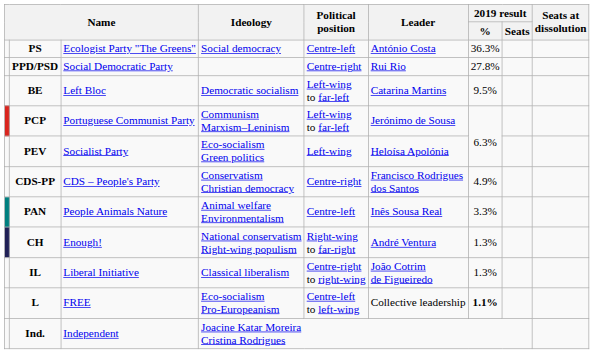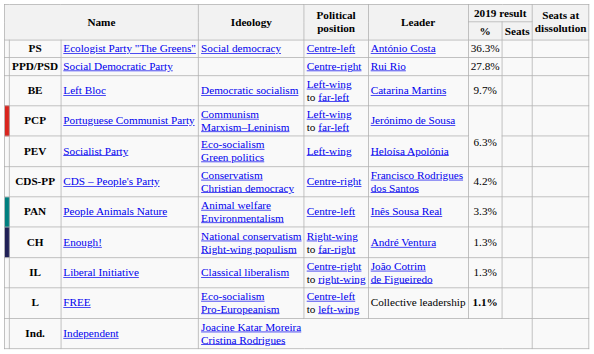 <table class="wikitable">
 <tr>
 <th rowspan="2" colspan="3">Name</th>
 <th rowspan="2">Ideology</th>
 <th rowspan="2">Political<br>position</th>
 <th rowspan="2">Leader</th>
 <th colspan="2">2019 result</th>
 <th rowspan="2">Seats at<br>dissolution</th>
 </tr>
 <tr>
 <th>%</th>
 <th>Seats</th>
 </tr>
 <tr>
 <td style="background:"></td>
 <td style="text-align:center;"><strong>PS</strong></td>
 <td><a href='#'>Ecologist Party "The Greens"</a><br></td>
 <td><a href='#'>Social democracy</a></td>
 <td><a href='#'>Centre-left</a></td>
 <td><a href='#'>António Costa</a></td>
 <td style="text-align:center;">36.3%</td>
 <td></td>
 <td></td>
 </tr>
 <tr>
 <td style="background:"></td>
 <td style="text-align:center;"><strong>PPD/PSD</strong></td>
 <td><a href='#'>Social Democratic Party</a><br></td>
 <td></td>
 <td><a href='#'>Centre-right</a></td>
 <td><a href='#'>Rui Rio</a></td>
 <td style="text-align:center;">27.8%</td>
 <td></td>
 <td></td>
 </tr>
 <tr>
 <td style="background:"></td>
 <td style="text-align:center;"><strong>BE</strong></td>
 <td><a href='#'>Left Bloc</a><br></td>
 <td><a href='#'>Democratic socialism</a><br></td>
 <td><a href='#'>Left-wing</a><br>to <a href='#'>far-left</a></td>
 <td><a href='#'>Catarina Martins</a></td>
-<td style="text-align:center;">9.5%</td>
+<td style="text-align:center;">9.7%</td>
 <td></td>
 <td></td>
 </tr>
 <tr>
 <td style="background:#da251e;"></td>
 <td style="text-align:center;"><strong>PCP</strong></td>
 <td><a href='#'>Portuguese Communist Party</a><br></td>
 <td><a href='#'>Communism</a><br><a href='#'>Marxism–Leninism</a></td>
 <td><a href='#'>Left-wing</a><br>to <a href='#'>far-left</a></td>
 <td><a href='#'>Jerónimo de Sousa</a></td>
 <td rowspan="2" style="text-align:center;"><br>6.3%<br></td>
 <td></td>
 <td></td>
 </tr>
 <tr>
 <td style="background:"></td>
 <td style="text-align:center;"><strong>PEV</strong></td>
 <td><a href='#'>Socialist Party</a><br></td>
 <td><a href='#'>Eco-socialism</a><br><a href='#'>Green politics</a></td>
 <td><a href='#'>Left-wing</a></td>
 <td><a href='#'>Heloísa Apolónia</a></td>
 <td></td>
 <td></td>
 </tr>
 <tr>
 <td style="background:"></td>
 <td style="text-align:center;"><strong>CDS-PP</strong></td>
 <td><a href='#'>CDS – People's Party</a><br></td>
 <td><a href='#'>Conservatism</a><br><a href='#'>Christian democracy</a></td>
 <td><a href='#'>Centre-right</a></td>
 <td><a href='#'>Francisco Rodrigues<br>dos Santos</a></td>
-<td style="text-align:center;">4.9%</td>
+<td style="text-align:center;">4.2%</td>
 <td></td>
 <td></td>
 </tr>
 <tr>
 <td style="background:teal;"></td>
 <td style="text-align:center;"><strong>PAN</strong></td>
 <td><a href='#'>People Animals Nature</a><br></td>
 <td><a href='#'>Animal welfare</a><br><a href='#'>Environmentalism</a></td>
 <td><a href='#'>Centre-left</a></td>
 <td><a href='#'>Inês Sousa Real</a></td>
 <td style="text-align:center;">3.3%</td>
 <td></td>
 <td></td>
 </tr>
 <tr>
 <td style="background:#202056;"></td>
 <td style="text-align:center;"><strong>CH</strong></td>
 <td><a href='#'>Enough!</a><br></td>
 <td><a href='#'>National conservatism</a><br><a href='#'>Right-wing populism</a></td>
 <td><a href='#'>Right-wing</a><br>to <a href='#'>far-right</a></td>
 <td><a href='#'>André Ventura</a></td>
 <td style="text-align:center;">1.3%</td>
 <td></td>
 <td></td>
 </tr>
 <tr>
 <td style="background:"></td>
 <td style="text-align:center;"><strong>IL</strong></td>
 <td><a href='#'>Liberal Initiative</a><br></td>
 <td><a href='#'>Classical liberalism</a><br></td>
 <td><a href='#'>Centre-right</a><br> to <a href='#'>right-wing</a></td>
 <td><a href='#'>João Cotrim <br>de Figueiredo</a></td>
 <td style="text-align:center;">1.3%</td>
 <td></td>
 <td></td>
 </tr>
 <tr>
 <td style="background:"></td>
 <td style="text-align:center;"><strong>L</strong></td>
 <td><a href='#'>FREE</a><br></td>
 <td><a href='#'>Eco-socialism</a><br><a href='#'>Pro-Europeanism</a></td>
 <td><a href='#'>Centre-left</a><br> to <a href='#'>left-wing</a></td>
 <td>Collective leadership</td>
 <td style="text-align:center;"><strong>1.1%</strong></td>
 <td></td>
 <td></td>
 </tr>
 <tr>
 <td style="background:"></td>
 <td style="text-align:center;"><strong>Ind.</strong></td>
 <td><a href='#'>Independent</a><br></td>
 <td colspan="5"><a href='#'>Joacine Katar Moreira</a> <br><a href='#'>Cristina Rodrigues</a> </td>
 <td></td>
 </tr>
 </table>
